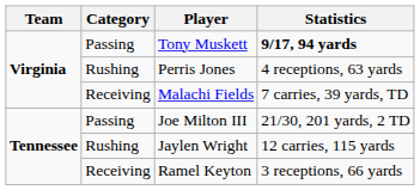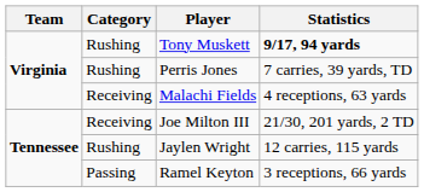 <table class="wikitable" style="float: right;">
 <tr>
 <th>Team</th>
 <th>Category</th>
 <th>Player</th>
 <th>Statistics</th>
 </tr>
 <tr>
 <td rowspan=3><strong>Virginia</strong></td>
-<td>Passing</td>
+<td>Rushing</td>
 <td><a href='#'>Tony Muskett</a></td>
 <td><strong>9/17, 94 yards</strong></td>
 </tr>
 <tr>
 <td>Rushing</td>
 <td>Perris Jones</td>
-<td>4 receptions, 63 yards</td>
+<td>7 carries, 39 yards, TD</td>
 </tr>
 <tr>
 <td>Receiving</td>
 <td><a href='#'>Malachi Fields</a></td>
-<td>7 carries, 39 yards, TD</td>
+<td>4 receptions, 63 yards</td>
 </tr>
 <tr>
 <td rowspan=3><strong>Tennessee</strong></td>
-<td>Passing</td>
+<td>Receiving</td>
 <td>Joe Milton III</td>
 <td>21/30, 201 yards, 2 TD</td>
 </tr>
 <tr>
 <td>Rushing</td>
 <td>Jaylen Wright</td>
 <td>12 carries, 115 yards</td>
 </tr>
 <tr>
-<td>Receiving</td>
+<td>Passing</td>
 <td>Ramel Keyton</td>
 <td>3 receptions, 66 yards</td>
 </tr>
 </table>
